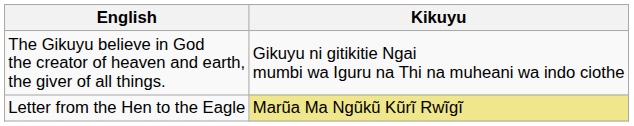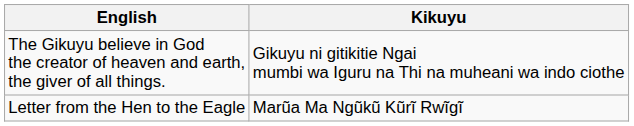 <table class="wikitable">
 <tr>
 <th>English</th>
 <th>Kikuyu</th>
 </tr>
 <tr>
 <td>The Gikuyu believe in God<br>the creator of heaven and earth,<br>the giver of all things.</td>
 <td>Gikuyu ni gitikitie Ngai<br>mumbi wa Iguru na Thi na muheani wa indo ciothe</td>
 </tr>
 <tr>
 <td>Letter from the Hen to the Eagle</td>
-<td style="background: khaki;">Marũa Ma Ngũkũ Kũrĩ Rwĩgĩ</td>
+<td>Marũa Ma Ngũkũ Kũrĩ Rwĩgĩ</td>
 </tr>
 </table>
